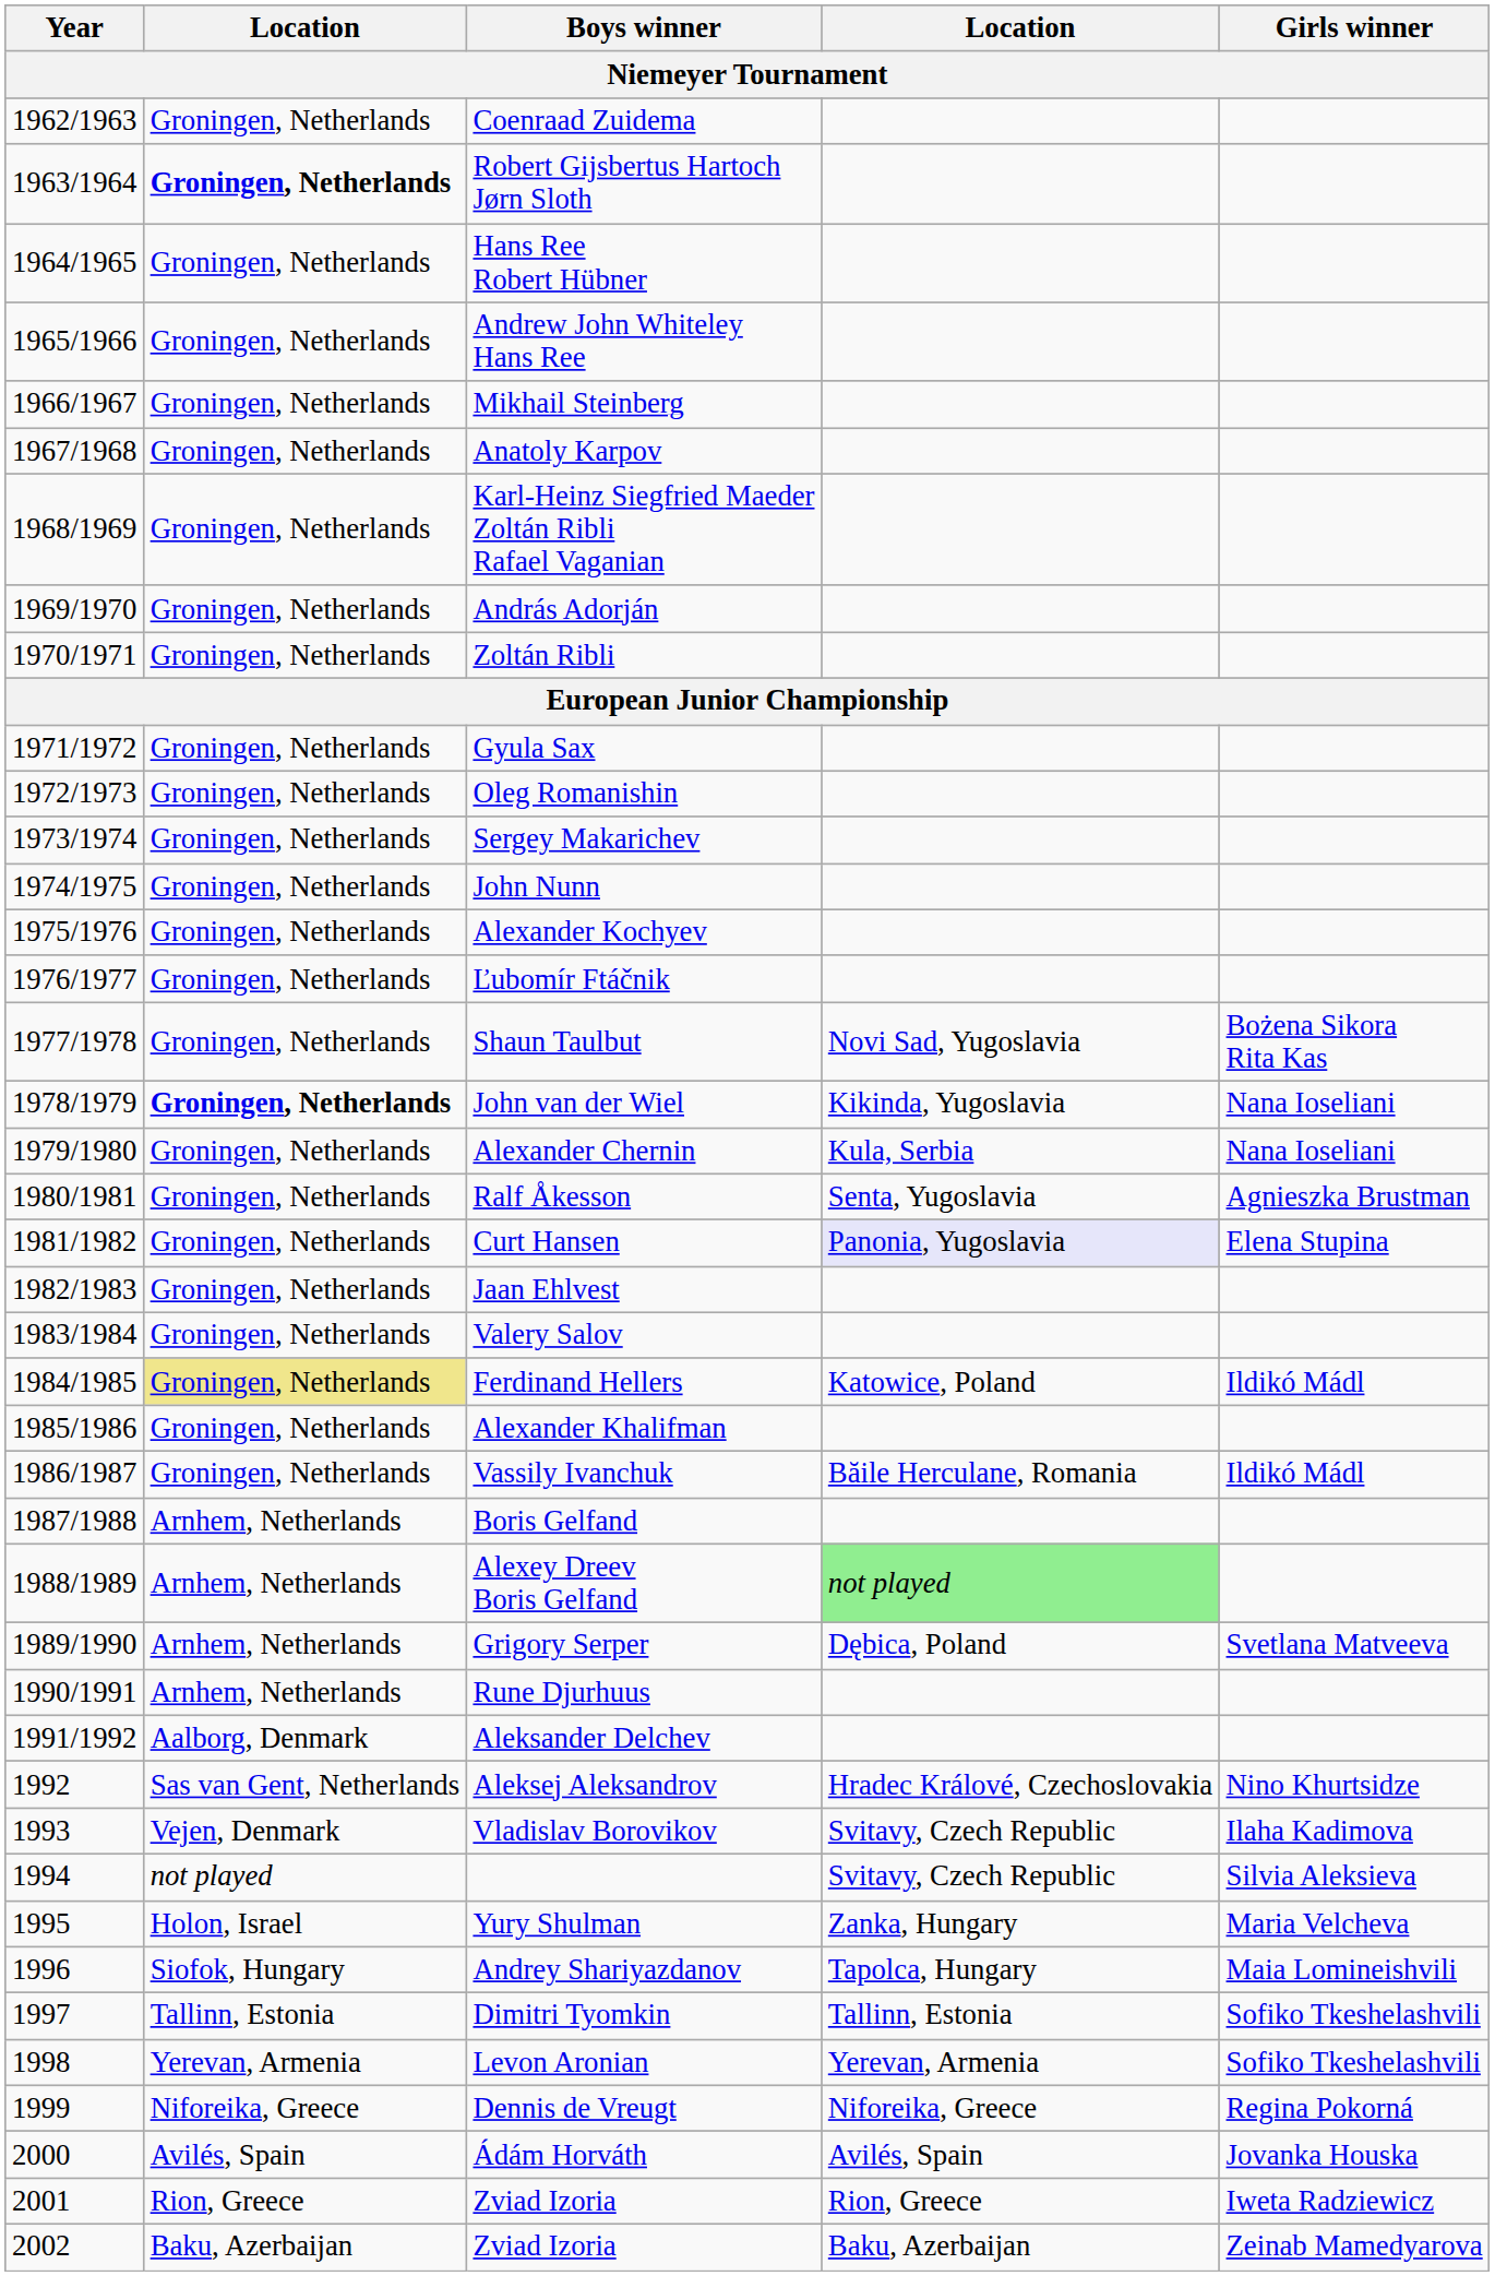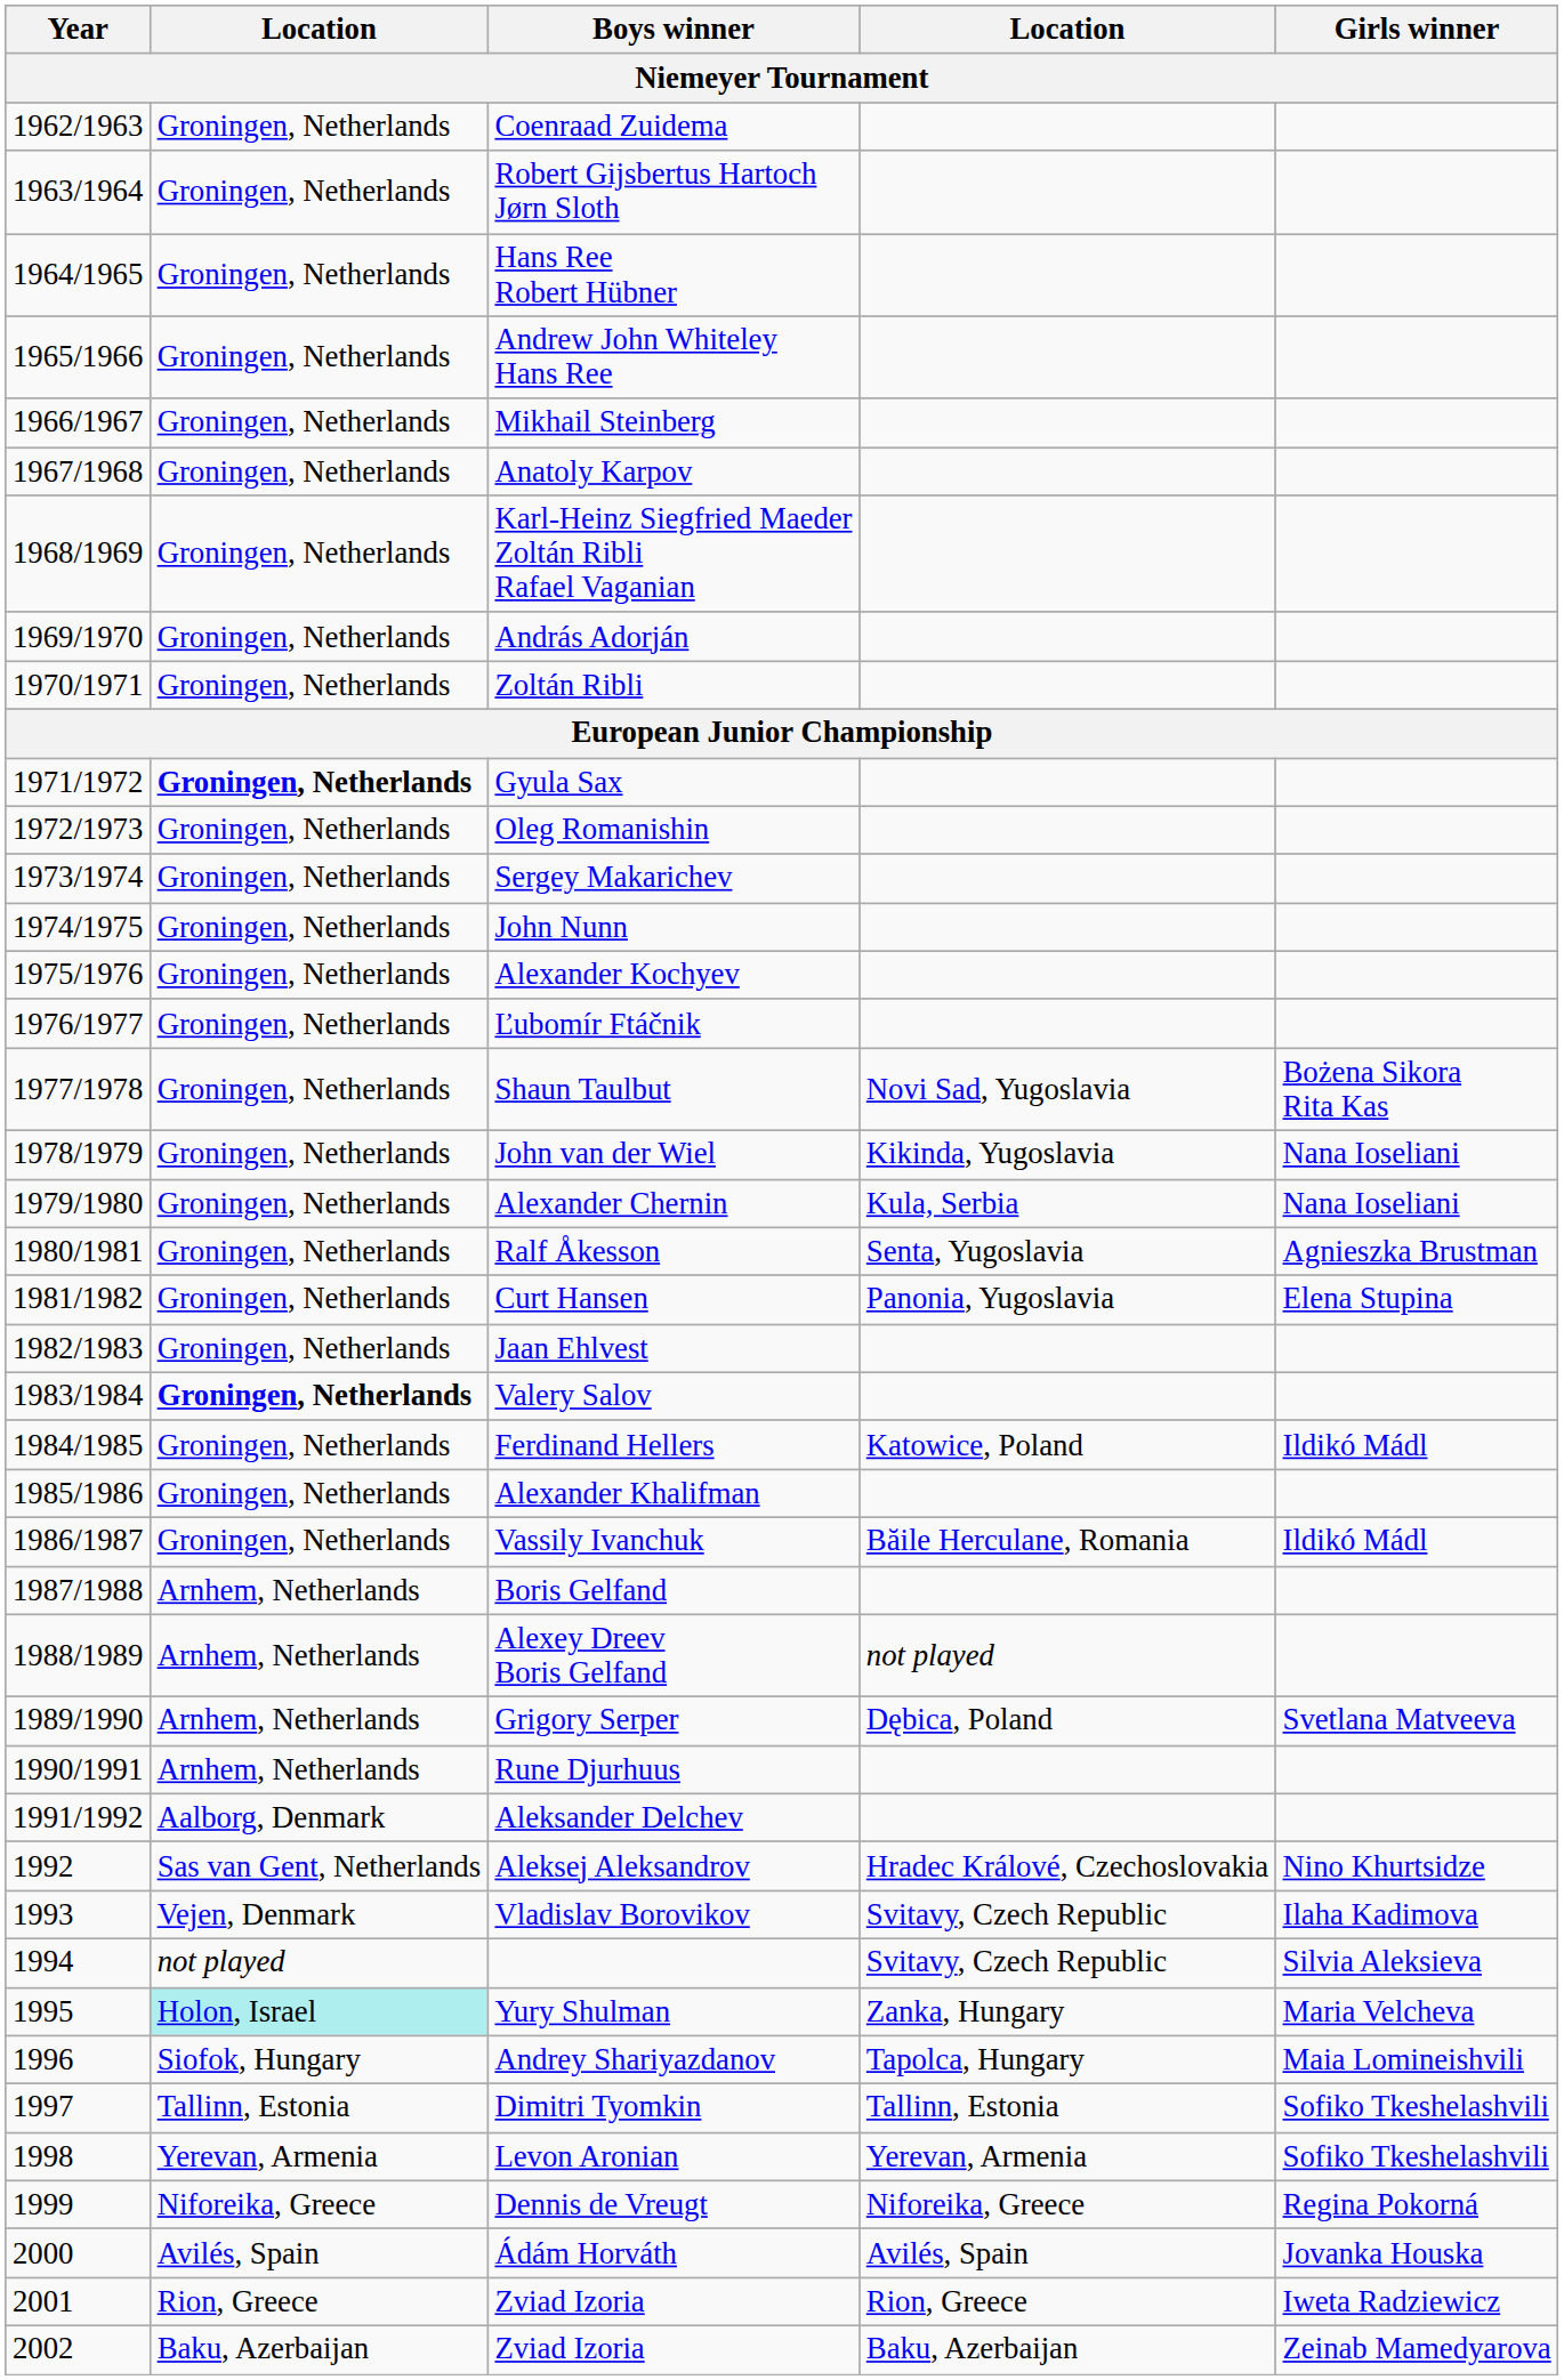 <table class="wikitable">
 <tr class="hintergrundfarbe5">
 <th>Year</th>
 <th>Location</th>
 <th>Boys winner</th>
 <th>Location</th>
 <th>Girls winner</th>
 </tr>
 <tr>
 <th colspan=5; align=center>Niemeyer Tournament</th>
 </tr>
 <tr>
 <td>1962/1963</td>
 <td><a href='#'>Groningen</a>, Netherlands</td>
 <td> <a href='#'>Coenraad Zuidema</a></td>
 <td></td>
 <td></td>
 </tr>
 <tr>
 <td>1963/1964</td>
-<td><strong><a href='#'>Groningen</a>, Netherlands</strong></td>
+<td><a href='#'>Groningen</a>, Netherlands</td>
 <td> <a href='#'>Robert Gijsbertus Hartoch</a> <br>  <a href='#'>Jørn Sloth</a></td>
 <td></td>
 <td></td>
 </tr>
 <tr>
 <td>1964/1965</td>
 <td><a href='#'>Groningen</a>, Netherlands</td>
 <td> <a href='#'>Hans Ree</a> <br>  <a href='#'>Robert Hübner</a></td>
 <td></td>
 <td></td>
 </tr>
 <tr>
 <td>1965/1966</td>
 <td><a href='#'>Groningen</a>, Netherlands</td>
 <td> <a href='#'>Andrew John Whiteley</a> <br>  <a href='#'>Hans Ree</a></td>
 <td></td>
 <td></td>
 </tr>
 <tr>
 <td>1966/1967</td>
 <td><a href='#'>Groningen</a>, Netherlands</td>
 <td> <a href='#'>Mikhail Steinberg</a></td>
 <td></td>
 <td></td>
 </tr>
 <tr>
 <td>1967/1968</td>
 <td><a href='#'>Groningen</a>, Netherlands</td>
 <td> <a href='#'>Anatoly Karpov</a></td>
 <td></td>
 <td></td>
 </tr>
 <tr>
 <td>1968/1969</td>
 <td><a href='#'>Groningen</a>, Netherlands</td>
 <td> <a href='#'>Karl-Heinz Siegfried Maeder</a> <br>  <a href='#'>Zoltán Ribli</a> <br>  <a href='#'>Rafael Vaganian</a></td>
 <td></td>
 <td></td>
 </tr>
 <tr>
 <td>1969/1970</td>
 <td><a href='#'>Groningen</a>, Netherlands</td>
 <td> <a href='#'>András Adorján</a></td>
 <td></td>
 <td></td>
 </tr>
 <tr>
 <td>1970/1971</td>
 <td><a href='#'>Groningen</a>, Netherlands</td>
 <td> <a href='#'>Zoltán Ribli</a></td>
 <td></td>
 <td></td>
 </tr>
 <tr>
 <th colspan=5; align=center>European Junior Championship</th>
 </tr>
 <tr>
 <td>1971/1972</td>
-<td><a href='#'>Groningen</a>, Netherlands</td>
+<td><strong><a href='#'>Groningen</a>, Netherlands</strong></td>
 <td> <a href='#'>Gyula Sax</a></td>
 <td></td>
 <td></td>
 </tr>
 <tr>
 <td>1972/1973</td>
 <td><a href='#'>Groningen</a>, Netherlands</td>
 <td> <a href='#'>Oleg Romanishin</a></td>
 <td></td>
 <td></td>
 </tr>
 <tr>
 <td>1973/1974</td>
 <td><a href='#'>Groningen</a>, Netherlands</td>
 <td> <a href='#'>Sergey Makarichev</a></td>
 <td></td>
 <td></td>
 </tr>
 <tr>
 <td>1974/1975</td>
 <td><a href='#'>Groningen</a>, Netherlands</td>
 <td> <a href='#'>John Nunn</a></td>
 <td></td>
 <td></td>
 </tr>
 <tr>
 <td>1975/1976</td>
 <td><a href='#'>Groningen</a>, Netherlands</td>
 <td> <a href='#'>Alexander Kochyev</a></td>
 <td></td>
 <td></td>
 </tr>
 <tr>
 <td>1976/1977</td>
 <td><a href='#'>Groningen</a>, Netherlands</td>
 <td> <a href='#'>Ľubomír Ftáčnik</a></td>
 <td></td>
 <td></td>
 </tr>
 <tr>
 <td>1977/1978</td>
 <td><a href='#'>Groningen</a>, Netherlands</td>
 <td> <a href='#'>Shaun Taulbut</a></td>
 <td><a href='#'>Novi Sad</a>, Yugoslavia</td>
 <td> <a href='#'>Bożena Sikora</a> <br>  <a href='#'>Rita Kas</a></td>
 </tr>
 <tr>
 <td>1978/1979</td>
-<td><strong><a href='#'>Groningen</a>, Netherlands</strong></td>
+<td><a href='#'>Groningen</a>, Netherlands</td>
 <td> <a href='#'>John van der Wiel</a></td>
 <td><a href='#'>Kikinda</a>, Yugoslavia</td>
 <td> <a href='#'>Nana Ioseliani</a></td>
 </tr>
 <tr>
 <td>1979/1980</td>
 <td><a href='#'>Groningen</a>, Netherlands</td>
 <td> <a href='#'>Alexander Chernin</a></td>
 <td><a href='#'>Kula, Serbia</a></td>
 <td> <a href='#'>Nana Ioseliani</a></td>
 </tr>
 <tr>
 <td>1980/1981</td>
 <td><a href='#'>Groningen</a>, Netherlands</td>
 <td> <a href='#'>Ralf Åkesson</a></td>
 <td><a href='#'>Senta</a>, Yugoslavia</td>
 <td> <a href='#'>Agnieszka Brustman</a></td>
 </tr>
 <tr>
 <td>1981/1982</td>
 <td><a href='#'>Groningen</a>, Netherlands</td>
 <td> <a href='#'>Curt Hansen</a></td>
-<td style="background: lavender;"><a href='#'>Panonia</a>, Yugoslavia</td>
+<td><a href='#'>Panonia</a>, Yugoslavia</td>
 <td> <a href='#'>Elena Stupina</a></td>
 </tr>
 <tr>
 <td>1982/1983</td>
 <td><a href='#'>Groningen</a>, Netherlands</td>
 <td> <a href='#'>Jaan Ehlvest</a></td>
 <td></td>
 <td></td>
 </tr>
 <tr>
 <td>1983/1984</td>
-<td><a href='#'>Groningen</a>, Netherlands</td>
+<td><strong><a href='#'>Groningen</a>, Netherlands</strong></td>
 <td> <a href='#'>Valery Salov</a></td>
 <td></td>
 <td></td>
 </tr>
 <tr>
 <td>1984/1985</td>
-<td style="background: khaki;"><a href='#'>Groningen</a>, Netherlands</td>
+<td><a href='#'>Groningen</a>, Netherlands</td>
 <td> <a href='#'>Ferdinand Hellers</a></td>
 <td><a href='#'>Katowice</a>, Poland</td>
 <td> <a href='#'>Ildikó Mádl</a></td>
 </tr>
 <tr>
 <td>1985/1986</td>
 <td><a href='#'>Groningen</a>, Netherlands</td>
 <td> <a href='#'>Alexander Khalifman</a></td>
 <td></td>
 <td></td>
 </tr>
 <tr>
 <td>1986/1987</td>
 <td><a href='#'>Groningen</a>, Netherlands</td>
 <td> <a href='#'>Vassily Ivanchuk</a></td>
 <td><a href='#'>Băile Herculane</a>, Romania</td>
 <td> <a href='#'>Ildikó Mádl</a></td>
 </tr>
 <tr>
 <td>1987/1988</td>
 <td><a href='#'>Arnhem</a>, Netherlands</td>
 <td> <a href='#'>Boris Gelfand</a></td>
 <td></td>
 <td></td>
 </tr>
 <tr>
 <td>1988/1989</td>
 <td><a href='#'>Arnhem</a>, Netherlands</td>
 <td> <a href='#'>Alexey Dreev</a><br> <a href='#'>Boris Gelfand</a></td>
-<td style="background: lightgreen;"><em>not played</em></td>
+<td><em>not played</em></td>
 <td></td>
 </tr>
 <tr>
 <td>1989/1990</td>
 <td><a href='#'>Arnhem</a>, Netherlands</td>
 <td> <a href='#'>Grigory Serper</a></td>
 <td><a href='#'>Dębica</a>, Poland</td>
 <td> <a href='#'>Svetlana Matveeva</a></td>
 </tr>
 <tr>
 <td>1990/1991</td>
 <td><a href='#'>Arnhem</a>, Netherlands</td>
 <td> <a href='#'>Rune Djurhuus</a></td>
 <td></td>
 <td></td>
 </tr>
 <tr>
 <td>1991/1992</td>
 <td><a href='#'>Aalborg</a>, Denmark</td>
 <td> <a href='#'>Aleksander Delchev</a></td>
 <td></td>
 <td></td>
 </tr>
 <tr>
 <td>1992</td>
 <td><a href='#'>Sas van Gent</a>, Netherlands</td>
 <td> <a href='#'>Aleksej Aleksandrov</a></td>
 <td><a href='#'>Hradec Králové</a>, Czechoslovakia</td>
 <td> <a href='#'>Nino Khurtsidze</a></td>
 </tr>
 <tr>
 <td>1993</td>
 <td><a href='#'>Vejen</a>, Denmark</td>
 <td> <a href='#'>Vladislav Borovikov</a></td>
 <td><a href='#'>Svitavy</a>, Czech Republic</td>
 <td> <a href='#'>Ilaha Kadimova</a></td>
 </tr>
 <tr>
 <td>1994</td>
 <td><em>not played</em></td>
 <td></td>
 <td><a href='#'>Svitavy</a>, Czech Republic</td>
 <td> <a href='#'>Silvia Aleksieva</a></td>
 </tr>
 <tr>
 <td>1995</td>
-<td><a href='#'>Holon</a>, Israel</td>
+<td style="background: paleturquoise;"><a href='#'>Holon</a>, Israel</td>
 <td> <a href='#'>Yury Shulman</a></td>
 <td><a href='#'>Zanka</a>, Hungary</td>
 <td> <a href='#'>Maria Velcheva</a></td>
 </tr>
 <tr>
 <td>1996</td>
 <td><a href='#'>Siofok</a>, Hungary</td>
 <td> <a href='#'>Andrey Shariyazdanov</a></td>
 <td><a href='#'>Tapolca</a>, Hungary</td>
 <td> <a href='#'>Maia Lomineishvili</a></td>
 </tr>
 <tr>
 <td>1997</td>
 <td><a href='#'>Tallinn</a>, Estonia</td>
 <td> <a href='#'>Dimitri Tyomkin</a></td>
 <td><a href='#'>Tallinn</a>, Estonia</td>
 <td> <a href='#'>Sofiko Tkeshelashvili</a></td>
 </tr>
 <tr>
 <td>1998</td>
 <td><a href='#'>Yerevan</a>, Armenia</td>
 <td> <a href='#'>Levon Aronian</a></td>
 <td><a href='#'>Yerevan</a>, Armenia</td>
 <td> <a href='#'>Sofiko Tkeshelashvili</a></td>
 </tr>
 <tr>
 <td>1999</td>
 <td><a href='#'>Niforeika</a>, Greece</td>
 <td> <a href='#'>Dennis de Vreugt</a></td>
 <td><a href='#'>Niforeika</a>, Greece</td>
 <td> <a href='#'>Regina Pokorná</a></td>
 </tr>
 <tr>
 <td>2000</td>
 <td><a href='#'>Avilés</a>, Spain</td>
 <td> <a href='#'>Ádám Horváth</a></td>
 <td><a href='#'>Avilés</a>, Spain</td>
 <td> <a href='#'>Jovanka Houska</a></td>
 </tr>
 <tr>
 <td>2001</td>
 <td><a href='#'>Rion</a>, Greece</td>
 <td> <a href='#'>Zviad Izoria</a></td>
 <td><a href='#'>Rion</a>, Greece</td>
 <td> <a href='#'>Iweta Radziewicz</a></td>
 </tr>
 <tr>
 <td>2002</td>
 <td><a href='#'>Baku</a>, Azerbaijan</td>
 <td> <a href='#'>Zviad Izoria</a></td>
 <td><a href='#'>Baku</a>, Azerbaijan</td>
 <td> <a href='#'>Zeinab Mamedyarova</a></td>
 </tr>
 </table>
